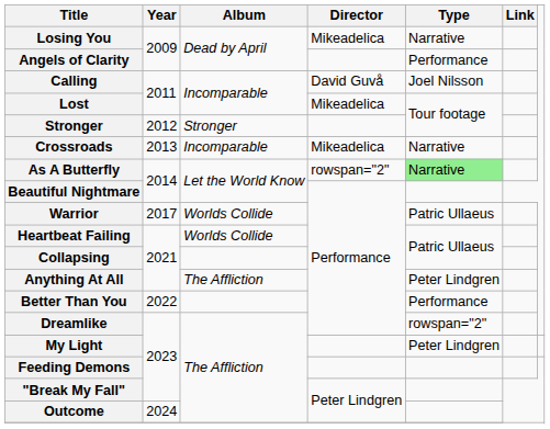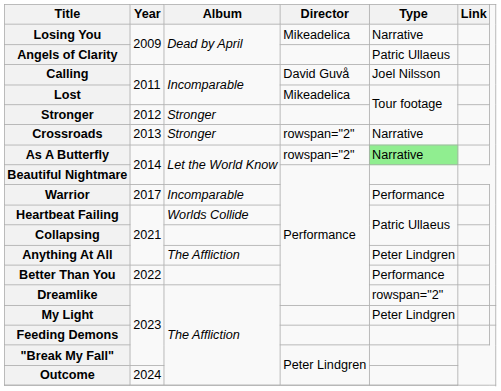 <table class="wikitable plainrowheaders">
 <tr>
 <th>Title</th>
 <th>Year</th>
 <th>Album</th>
 <th>Director</th>
 <th>Type</th>
 <th>Link</th>
 </tr>
 <tr>
 <th scope="row">Losing You</th>
 <td rowspan=2>2009</td>
 <td rowspan=2><em>Dead by April</em></td>
 <td>Mikeadelica</td>
 <td>Narrative</td>
 <td></td>
 </tr>
 <tr>
 <th scope="row">Angels of Clarity</th>
 <td></td>
-<td>Performance</td>
+<td>Patric Ullaeus</td>
 <td></td>
 </tr>
 <tr>
 <th scope="row">Calling</th>
 <td rowspan=2>2011</td>
 <td rowspan=2><em>Incomparable</em></td>
 <td>David Guvå</td>
 <td>Joel Nilsson</td>
 <td></td>
 </tr>
 <tr>
 <th scope="row">Lost</th>
 <td>Mikeadelica</td>
 <td rowspan=2>Tour footage</td>
 <td></td>
 </tr>
 <tr>
 <th scope="row">Stronger</th>
 <td>2012</td>
 <td><em>Stronger</em></td>
 <td></td>
 <td></td>
 </tr>
 <tr>
 <th scope="row">Crossroads</th>
 <td>2013</td>
-<td><em>Incomparable</em></td>
-<td>Mikeadelica</td>
+<td><em>Stronger</em></td>
+<td>rowspan="2" </td>
 <td>Narrative</td>
 <td></td>
 </tr>
 <tr>
 <th scope="row">As A Butterfly</th>
 <td rowspan="2">2014</td>
 <td rowspan="2"><em>Let the World Know</em></td>
 <td>rowspan="2" </td>
 <td style="background: lightgreen;">Narrative</td>
 <td></td>
 </tr>
 <tr>
 <th scope="row">Beautiful Nightmare</th>
 <td rowspan="7">Performance</td>
 <td></td>
 </tr>
 <tr>
 <th scope="row">Warrior</th>
 <td>2017</td>
-<td><em>Worlds Collide</em></td>
-<td>Patric Ullaeus</td>
+<td><em>Incomparable</em></td>
+<td>Performance</td>
 <td></td>
 </tr>
 <tr>
 <th scope="row">Heartbeat Failing</th>
 <td rowspan="3">2021</td>
 <td><em>Worlds Collide</em></td>
 <td rowspan="2">Patric Ullaeus</td>
 <td></td>
 </tr>
 <tr>
 <th scope="row">Collapsing</th>
 <td></td>
 <td></td>
 </tr>
 <tr>
 <th scope="row">Anything At All</th>
 <td><em>The Affliction</em></td>
 <td>Peter Lindgren</td>
 <td></td>
 </tr>
 <tr>
 <th scope="row">Better Than You</th>
 <td>2022</td>
 <td></td>
 <td>Performance</td>
 <td></td>
 </tr>
 <tr>
 <th scope="row">Dreamlike</th>
 <td rowspan="4">2023</td>
 <td rowspan="5"><em>The Affliction</em></td>
 <td>rowspan="2" </td>
 <td></td>
 </tr>
 <tr>
 <th scope="row">My Light</th>
 <td></td>
 <td>Peter Lindgren</td>
 <td></td>
 <td></td>
 </tr>
 <tr>
 <th scope="row">Feeding Demons</th>
 <td></td>
 <td></td>
 <td></td>
 </tr>
 <tr>
 <th scope="row">"Break My Fall"</th>
 <td rowspan="2">Peter Lindgren</td>
 <td></td>
 </tr>
 <tr>
 <th scope="row">Outcome</th>
 <td>2024</td>
 <td></td>
 </tr>
 <tr>
 </tr>
 </table>
